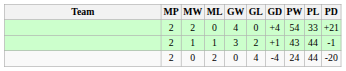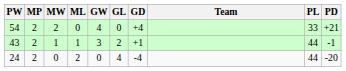 <table class=wikitable style="text-align:center">
 <tr>
-<th width=250>Team</th>
+<th width=20>PW</th>
 <th width=20>MP</th>
 <th width=20>MW</th>
 <th width=20>ML</th>
 <th width=20>GW</th>
 <th width=20>GL</th>
 <th width=20>GD</th>
-<th width=20>PW</th>
+<th width=250>Team</th>
 <th width=20>PL</th>
 <th width=20>PD</th>
 </tr>
 <tr style="background:#cfc;">
-<td align=left><br></td>
+<td>54</td>
 <td>2</td>
 <td>2</td>
 <td>0</td>
 <td>4</td>
 <td>0</td>
 <td>+4</td>
-<td>54</td>
+<td align=left><br></td>
 <td>33</td>
 <td>+21</td>
 </tr>
 <tr style="background:#cfc;">
-<td align=left><br></td>
+<td>43</td>
 <td>2</td>
 <td>1</td>
 <td>1</td>
 <td>3</td>
 <td>2</td>
 <td>+1</td>
-<td>43</td>
+<td align=left><br></td>
 <td>44</td>
 <td>-1</td>
 </tr>
 <tr>
-<td align=left><br></td>
+<td>24</td>
 <td>2</td>
 <td>0</td>
 <td>2</td>
 <td>0</td>
 <td>4</td>
 <td>-4</td>
-<td>24</td>
+<td align=left><br></td>
 <td>44</td>
 <td>-20</td>
 </tr>
 </table>
